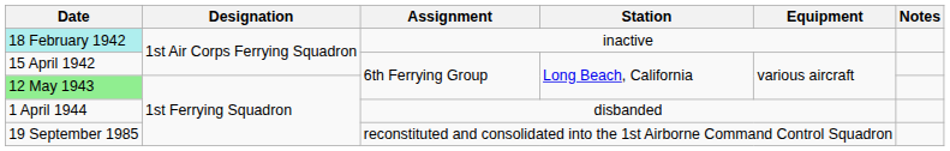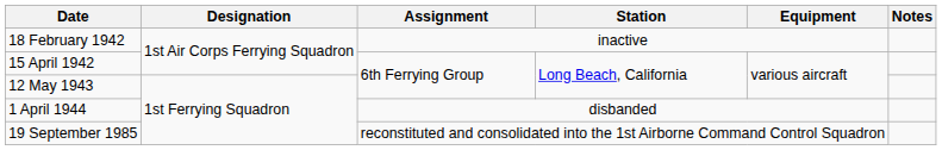 <table class="wikitable">
 <tr>
 <th>Date</th>
 <th>Designation</th>
 <th>Assignment</th>
 <th>Station</th>
 <th>Equipment</th>
 <th>Notes</th>
 </tr>
 <tr>
-<td style="background: paleturquoise;">18 February 1942</td>
+<td>18 February 1942</td>
 <td rowspan=2>1st Air Corps Ferrying Squadron</td>
 <td colspan=3 align=center>inactive</td>
 <td></td>
 </tr>
 <tr>
 <td>15 April 1942</td>
 <td rowspan=2>6th Ferrying Group</td>
 <td rowspan=2><a href='#'>Long Beach</a>, California</td>
 <td rowspan=2>various aircraft</td>
 <td></td>
 </tr>
 <tr>
-<td style="background: lightgreen;">12 May 1943</td>
+<td>12 May 1943</td>
 <td rowspan=3>1st Ferrying Squadron</td>
 <td></td>
 </tr>
 <tr>
 <td>1 April 1944</td>
 <td colspan=3 align=center>disbanded</td>
 <td></td>
 </tr>
 <tr>
 <td>19 September 1985</td>
 <td colspan=3 align=center>reconstituted and consolidated into the 1st Airborne Command Control Squadron</td>
 <td></td>
 </tr>
 </table>
